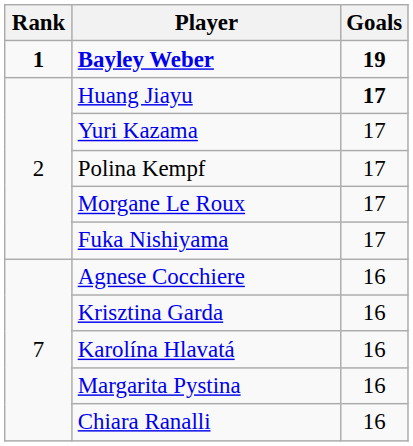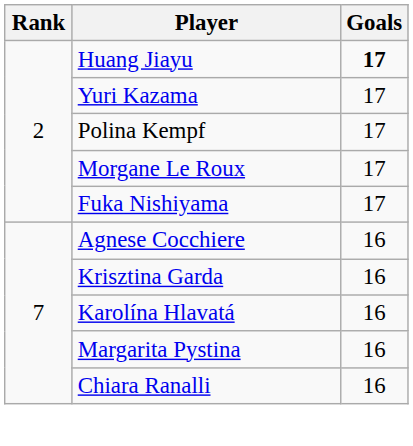 <table class="wikitable" style="text-align: center;">
 <tr>
 <th width=40>Rank</th>
 <th width=180>Player</th>
 <th width=40>Goals</th>
-</tr>
-<tr>
-<td><strong>1</strong></td>
-<td align=left> <strong><a href='#'>Bayley Weber</a></strong></td>
-<td><strong>19</strong></td>
 </tr>
 <tr>
 <td rowspan="5">2</td>
 <td align=left> <a href='#'>Huang Jiayu</a></td>
 <td><strong>17</strong></td>
 </tr>
 <tr>
 <td align=left> <a href='#'>Yuri Kazama</a></td>
 <td>17</td>
 </tr>
 <tr>
 <td align=left> Polina Kempf</td>
 <td>17</td>
 </tr>
 <tr>
 <td align=left> <a href='#'>Morgane Le Roux</a></td>
 <td>17</td>
 </tr>
 <tr>
 <td align=left> <a href='#'>Fuka Nishiyama</a></td>
 <td>17</td>
 </tr>
 <tr>
 <td rowspan="5">7</td>
 <td align=left> <a href='#'>Agnese Cocchiere</a></td>
 <td>16</td>
 </tr>
 <tr>
 <td align=left> <a href='#'>Krisztina Garda</a></td>
 <td>16</td>
 </tr>
 <tr>
 <td align=left> <a href='#'>Karolína Hlavatá</a></td>
 <td>16</td>
 </tr>
 <tr>
 <td align=left> <a href='#'>Margarita Pystina</a></td>
 <td>16</td>
 </tr>
 <tr>
 <td align=left> <a href='#'>Chiara Ranalli</a></td>
 <td>16</td>
 </tr>
 </table>
